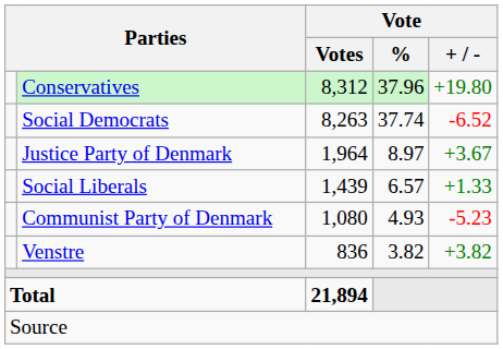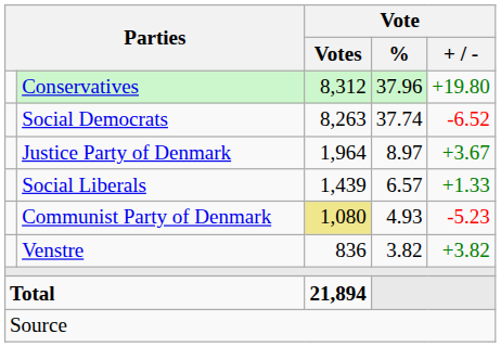 <table class="wikitable" style="text-align:right;">
 <tr>
 <th style="text-align:centre;" rowspan="2" colspan="2" width="225">Parties</th>
 <th colspan="3">Vote</th>
 </tr>
 <tr>
 <th width="15">Votes</th>
 <th width="15">%</th>
 <th width="15">+ / -</th>
 </tr>
 <tr>
 <td width="2" style="color:inherit;background:"></td>
 <td bgcolor=#ccf7cc  align="left"><a href='#'>Conservatives</a></td>
 <td bgcolor=#ccf7cc>8,312</td>
 <td bgcolor=#ccf7cc>37.96</td>
 <td style=color:green;>+19.80</td>
 </tr>
 <tr>
 <td width="2" style="color:inherit;background:"></td>
 <td align="left"><a href='#'>Social Democrats</a></td>
 <td>8,263</td>
 <td>37.74</td>
 <td style=color:red;>-6.52</td>
 </tr>
 <tr>
 <td width="2" style="color:inherit;background:"></td>
 <td align="left"><a href='#'>Justice Party of Denmark</a></td>
 <td>1,964</td>
 <td>8.97</td>
 <td style=color:green;>+3.67</td>
 </tr>
 <tr>
 <td width="2" style="color:inherit;background:"></td>
 <td align="left"><a href='#'>Social Liberals</a></td>
 <td>1,439</td>
 <td>6.57</td>
 <td style=color:green;>+1.33</td>
 </tr>
 <tr>
 <td width="2" style="color:inherit;background:"></td>
 <td align="left"><a href='#'>Communist Party of Denmark</a></td>
-<td>1,080</td>
+<td style="background: khaki;">1,080</td>
 <td>4.93</td>
 <td style=color:red;>-5.23</td>
 </tr>
 <tr>
 <td width="2" style="color:inherit;background:"></td>
 <td align="left"><a href='#'>Venstre</a></td>
 <td>836</td>
 <td>3.82</td>
 <td style=color:green;>+3.82</td>
 </tr>
 <tr>
 <td colspan="7" bgcolor="#E9E9E9"></td>
 </tr>
 <tr>
 <td align="left" colspan="2"><strong>Total</strong></td>
 <td><strong>21,894</strong></td>
 <td bgcolor="#E9E9E9" colspan="2"></td>
 </tr>
 <tr>
 <td align="left" colspan="6">Source</td>
 </tr>
 </table>
